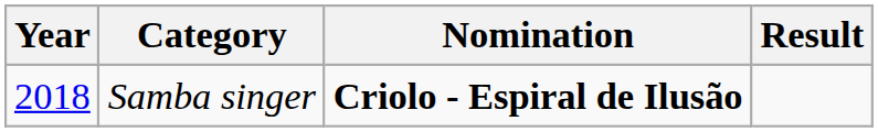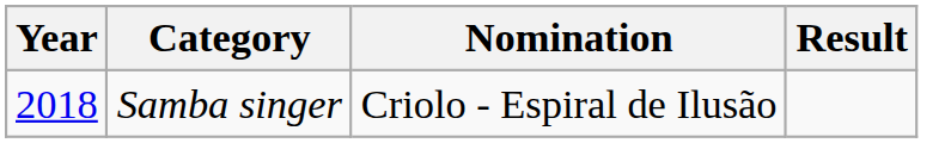 <table class="wikitable">
 <tr>
 <th>Year</th>
 <th>Category</th>
 <th>Nomination</th>
 <th>Result</th>
 </tr>
 <tr>
 <td rowspan="3"><a href='#'>2018</a></td>
 <td><em>Samba singer</em></td>
-<td><strong>Criolo - Espiral de Ilusão</strong></td>
+<td>Criolo - Espiral de Ilusão</td>
 <td></td>
 </tr>
 </table>
